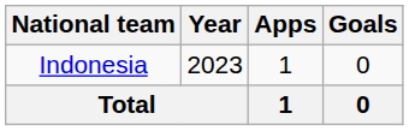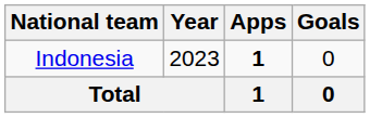 <table class="wikitable" style="text-align:center">
 <tr>
 <th>National team</th>
 <th>Year</th>
 <th>Apps</th>
 <th>Goals</th>
 </tr>
 <tr>
 <td rowspan=1><a href='#'>Indonesia</a></td>
 <td>2023</td>
-<td>1</td>
+<td><strong>1</strong></td>
 <td>0</td>
 </tr>
 <tr>
 <th colspan=2>Total</th>
 <th>1</th>
 <th>0</th>
 </tr>
 </table>
